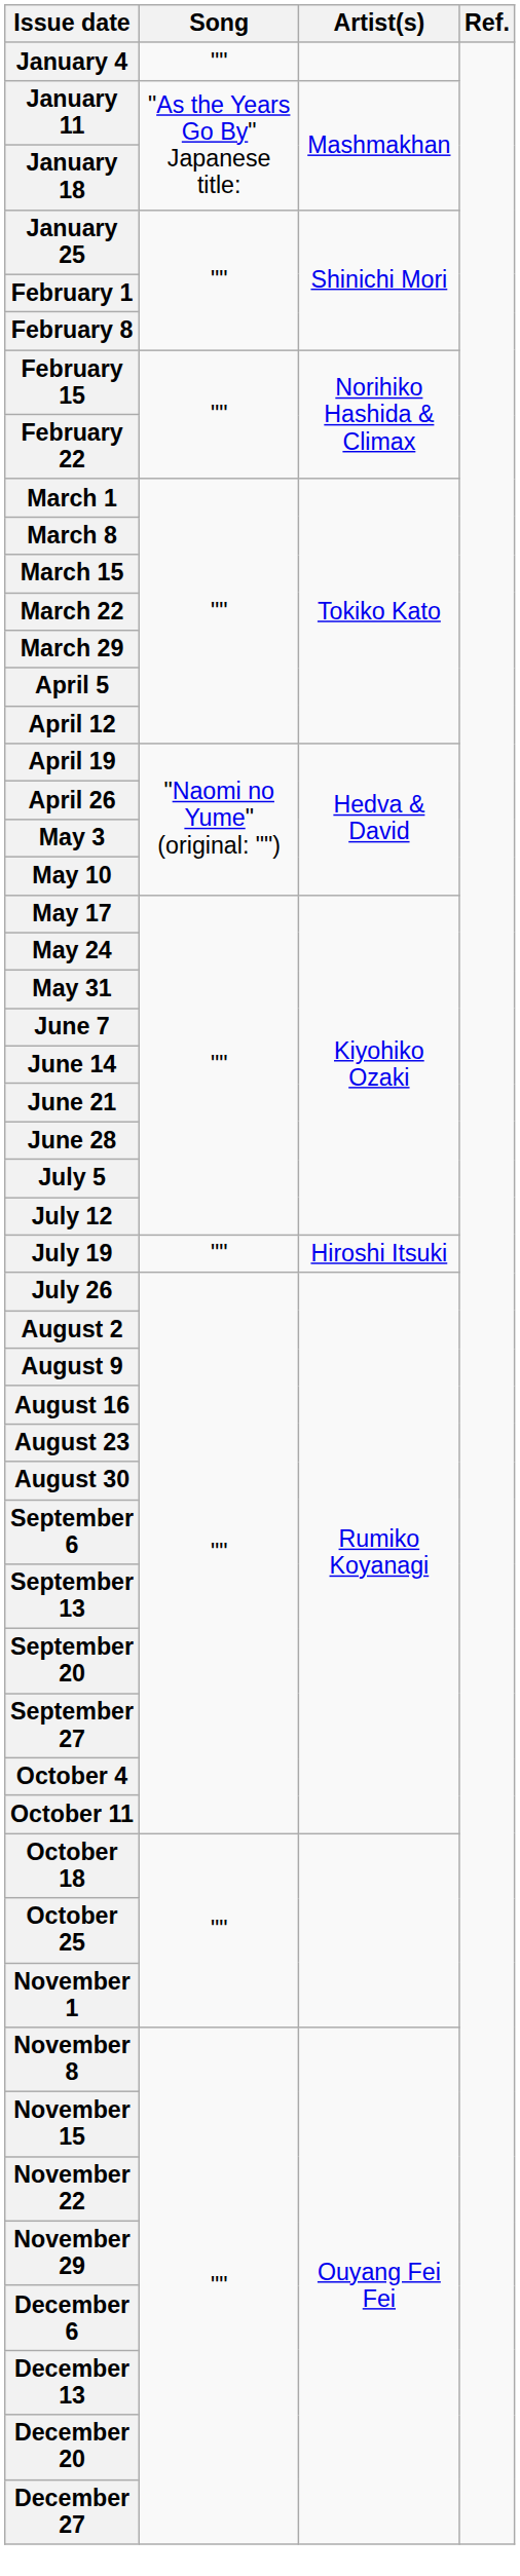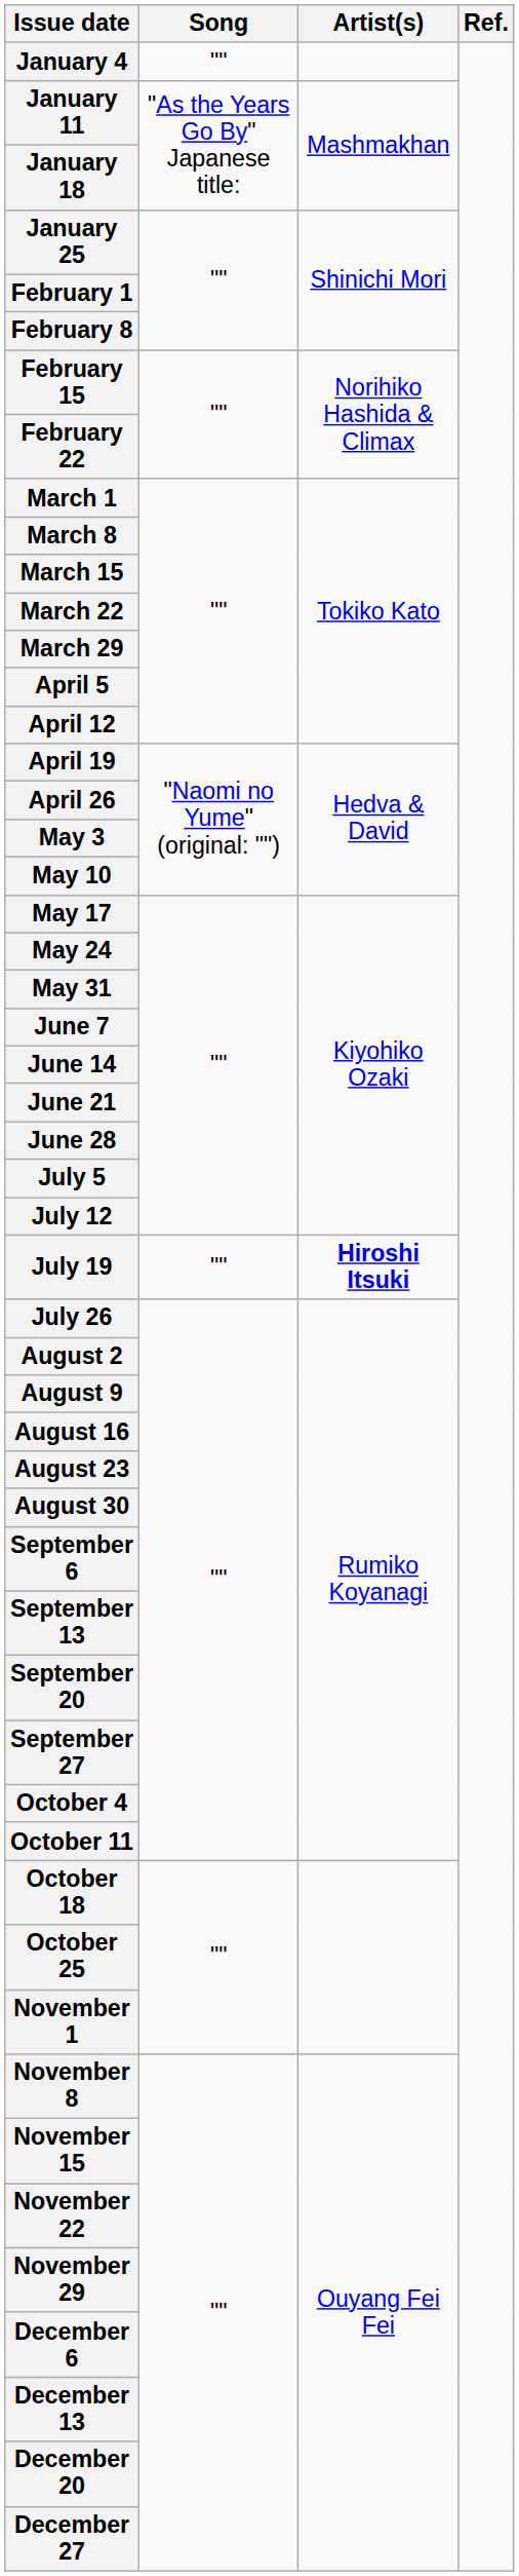 <table class="wikitable plainrowheaders" style="text-align: center">
 <tr>
 <th width="80">Issue date</th>
 <th width="100">Song</th>
 <th width="100">Artist(s)</th>
 <th width="20">Ref.</th>
 </tr>
 <tr>
 <th scope="row">January 4</th>
 <td rowspan="1">""</td>
 <td rowspan="1"></td>
 <td rowspan="52"></td>
 </tr>
 <tr>
 <th scope="row">January 11</th>
 <td rowspan="2">"<a href='#'>As the Years Go By</a>" <br> Japanese title: </td>
 <td rowspan="2"><a href='#'>Mashmakhan</a></td>
 </tr>
 <tr>
 <th scope="row">January 18</th>
 </tr>
 <tr>
 <th scope="row">January 25</th>
 <td rowspan="3">""</td>
 <td rowspan="3"><a href='#'>Shinichi Mori</a></td>
 </tr>
 <tr>
 <th scope="row">February 1</th>
 </tr>
 <tr>
 <th scope="row">February 8</th>
 </tr>
 <tr>
 <th scope="row">February 15</th>
 <td rowspan="2">""</td>
 <td rowspan="2"><a href='#'>Norihiko Hashida & Climax</a></td>
 </tr>
 <tr>
 <th scope="row">February 22</th>
 </tr>
 <tr>
 <th scope="row">March 1</th>
 <td rowspan="7">""</td>
 <td rowspan="7"><a href='#'>Tokiko Kato</a></td>
 </tr>
 <tr>
 <th scope="row">March 8</th>
 </tr>
 <tr>
 <th scope="row">March 15</th>
 </tr>
 <tr>
 <th scope="row">March 22</th>
 </tr>
 <tr>
 <th scope="row">March 29</th>
 </tr>
 <tr>
 <th scope="row">April 5</th>
 </tr>
 <tr>
 <th scope="row">April 12</th>
 </tr>
 <tr>
 <th scope="row">April 19</th>
 <td rowspan="4">"<a href='#'>Naomi no Yume</a>" (original: "")</td>
 <td rowspan="4"><a href='#'>Hedva & David</a></td>
 </tr>
 <tr>
 <th scope="row">April 26</th>
 </tr>
 <tr>
 <th scope="row">May 3</th>
 </tr>
 <tr>
 <th scope="row">May 10</th>
 </tr>
 <tr>
 <th scope="row">May 17</th>
 <td rowspan="9">""</td>
 <td rowspan="9"><a href='#'>Kiyohiko Ozaki</a></td>
 </tr>
 <tr>
 <th scope="row">May 24</th>
 </tr>
 <tr>
 <th scope="row">May 31</th>
 </tr>
 <tr>
 <th scope="row">June 7</th>
 </tr>
 <tr>
 <th scope="row">June 14</th>
 </tr>
 <tr>
 <th scope="row">June 21</th>
 </tr>
 <tr>
 <th scope="row">June 28</th>
 </tr>
 <tr>
 <th scope="row">July 5</th>
 </tr>
 <tr>
 <th scope="row">July 12</th>
 </tr>
 <tr>
 <th scope="row">July 19</th>
 <td rowspan="1">""</td>
-<td rowspan="1"><a href='#'>Hiroshi Itsuki</a></td>
+<td rowspan="1"><strong><a href='#'>Hiroshi Itsuki</a></strong></td>
 </tr>
 <tr>
 <th scope="row">July 26</th>
 <td rowspan="12">""</td>
 <td rowspan="12"><a href='#'>Rumiko Koyanagi</a></td>
 </tr>
 <tr>
 <th scope="row">August 2</th>
 </tr>
 <tr>
 <th scope="row">August 9</th>
 </tr>
 <tr>
 <th scope="row">August 16</th>
 </tr>
 <tr>
 <th scope="row">August 23</th>
 </tr>
 <tr>
 <th scope="row">August 30</th>
 </tr>
 <tr>
 <th scope="row">September 6</th>
 </tr>
 <tr>
 <th scope="row">September 13</th>
 </tr>
 <tr>
 <th scope="row">September 20</th>
 </tr>
 <tr>
 <th scope="row">September 27</th>
 </tr>
 <tr>
 <th scope="row">October 4</th>
 </tr>
 <tr>
 <th scope="row">October 11</th>
 </tr>
 <tr>
 <th scope="row">October 18</th>
 <td rowspan="3">""</td>
 <td rowspan="3"></td>
 </tr>
 <tr>
 <th scope="row">October 25</th>
 </tr>
 <tr>
 <th scope="row">November 1</th>
 </tr>
 <tr>
 <th scope="row">November 8</th>
 <td rowspan="8">""</td>
 <td rowspan="8"><a href='#'>Ouyang Fei Fei</a></td>
 </tr>
 <tr>
 <th scope="row">November 15</th>
 </tr>
 <tr>
 <th scope="row">November 22</th>
 </tr>
 <tr>
 <th scope="row">November 29</th>
 </tr>
 <tr>
 <th scope="row">December 6</th>
 </tr>
 <tr>
 <th scope="row">December 13</th>
 </tr>
 <tr>
 <th scope="row">December 20</th>
 </tr>
 <tr>
 <th scope="row">December 27</th>
 </tr>
 </table>
